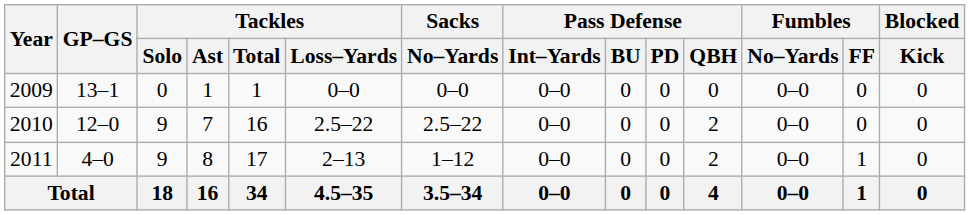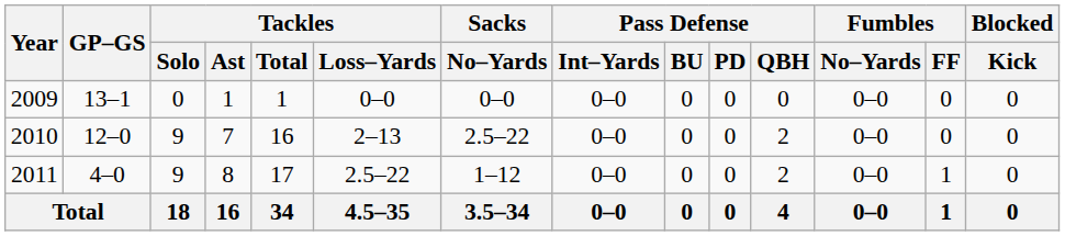 <table class=wikitable style="text-align:center;">
 <tr>
 <th rowspan=2>Year</th>
 <th rowspan=2>GP–GS</th>
 <th colspan=4>Tackles</th>
 <th>Sacks</th>
 <th colspan=4>Pass Defense</th>
 <th colspan=2>Fumbles</th>
 <th>Blocked</th>
 </tr>
 <tr>
 <th>Solo</th>
 <th>Ast</th>
 <th>Total</th>
 <th>Loss–Yards</th>
 <th>No–Yards</th>
 <th>Int–Yards</th>
 <th>BU</th>
 <th>PD</th>
 <th>QBH</th>
 <th>No–Yards</th>
 <th>FF</th>
 <th>Kick</th>
 </tr>
 <tr>
 <td>2009</td>
 <td>13–1</td>
 <td>0</td>
 <td>1</td>
 <td>1</td>
 <td>0–0</td>
 <td>0–0</td>
 <td>0–0</td>
 <td>0</td>
 <td>0</td>
 <td>0</td>
 <td>0–0</td>
 <td>0</td>
 <td>0</td>
 </tr>
 <tr>
 <td>2010</td>
 <td>12–0</td>
 <td>9</td>
 <td>7</td>
 <td>16</td>
-<td>2.5–22</td>
+<td>2–13</td>
 <td>2.5–22</td>
 <td>0–0</td>
 <td>0</td>
 <td>0</td>
 <td>2</td>
 <td>0–0</td>
 <td>0</td>
 <td>0</td>
 </tr>
 <tr>
 <td>2011</td>
 <td>4–0</td>
 <td>9</td>
 <td>8</td>
 <td>17</td>
-<td>2–13</td>
+<td>2.5–22</td>
 <td>1–12</td>
 <td>0–0</td>
 <td>0</td>
 <td>0</td>
 <td>2</td>
 <td>0–0</td>
 <td>1</td>
 <td>0</td>
 </tr>
 <tr>
 <th colspan=2>Total</th>
 <th>18</th>
 <th>16</th>
 <th>34</th>
 <th>4.5–35</th>
 <th>3.5–34</th>
 <th>0–0</th>
 <th>0</th>
 <th>0</th>
 <th>4</th>
 <th>0–0</th>
 <th>1</th>
 <th>0</th>
 </tr>
 </table>
